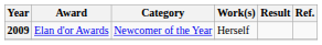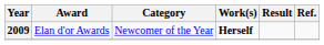 <table class="wikitable plainrowheaders">
 <tr>
 <th scope="col">Year</th>
 <th scope="col">Award</th>
 <th scope="col">Category</th>
 <th scope="col">Work(s)</th>
 <th scope="col">Result</th>
 <th scope="col">Ref.</th>
 </tr>
 <tr>
 <th scope="row">2009</th>
 <td><a href='#'>Elan d'or Awards</a></td>
 <td><a href='#'>Newcomer of the Year</a></td>
-<td>Herself</td>
+<td><strong>Herself</strong></td>
 <td></td>
 <td></td>
 </tr>
 <tr>
 </tr>
 </table>
